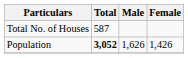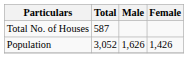 <table class="wikitable sortable">
 <tr>
 <th>Particulars</th>
 <th>Total</th>
 <th>Male</th>
 <th>Female</th>
 </tr>
 <tr>
 <td>Total No. of Houses</td>
 <td>587</td>
 <td></td>
 <td></td>
 </tr>
 <tr>
 <td>Population</td>
-<td><strong>3,052</strong></td>
+<td>3,052</td>
 <td>1,626</td>
 <td>1,426</td>
 </tr>
 <tr>
 </tr>
 </table>
